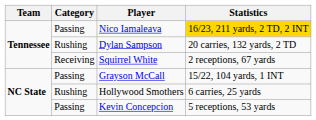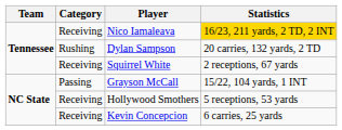 <table class="wikitable" style="float: right;">
 <tr>
 <th>Team</th>
 <th>Category</th>
 <th>Player</th>
 <th>Statistics</th>
 </tr>
 <tr>
 <td rowspan=3><strong>Tennessee</strong></td>
-<td>Passing</td>
+<td>Receiving</td>
 <td><a href='#'>Nico Iamaleava</a></td>
 <td style="background: gold;">16/23, 211 yards, 2 TD, 2 INT</td>
 </tr>
 <tr>
 <td>Rushing</td>
 <td><a href='#'>Dylan Sampson</a></td>
 <td>20 carries, 132 yards, 2 TD</td>
 </tr>
 <tr>
 <td>Receiving</td>
 <td><a href='#'>Squirrel White</a></td>
 <td>2 receptions, 67 yards</td>
 </tr>
 <tr>
 <td rowspan=3><strong>NC State</strong></td>
 <td>Passing</td>
 <td><a href='#'>Grayson McCall</a></td>
 <td>15/22, 104 yards, 1 INT</td>
 </tr>
 <tr>
-<td>Rushing</td>
+<td>Receiving</td>
 <td>Hollywood Smothers</td>
+<td>5 receptions, 53 yards</td>
+</tr>
+<tr>
+<td>Receiving</td>
+<td><a href='#'>Kevin Concepcion</a></td>
 <td>6 carries, 25 yards</td>
 </tr>
-<tr>
-<td>Passing</td>
-<td><a href='#'>Kevin Concepcion</a></td>
-<td>5 receptions, 53 yards</td>
-</tr>
 </table>
